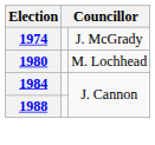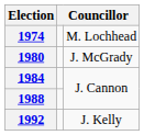 <table class="wikitable" style="text-align:center">
 <tr>
 <th>Election</th>
 <th colspan=2>Councillor</th>
 </tr>
 <tr>
 <th><a href='#'>1974</a></th>
 <td style="background-color: "></td>
-<td>J. McGrady</td>
+<td>M. Lochhead</td>
 </tr>
 <tr>
 <th><a href='#'>1980</a></th>
 <td style="background-color: "></td>
-<td>M. Lochhead</td>
+<td>J. McGrady</td>
 </tr>
 <tr>
 <th><a href='#'>1984</a></th>
 <td style="background-color: "></td>
 <td rowspan=2>J. Cannon</td>
 </tr>
 <tr>
 <th><a href='#'>1988</a></th>
 <td style="background-color: "></td>
 </tr>
+<tr>
+<th><a href='#'>1992</a></th>
+<td style="background-color: "></td>
+<td>J. Kelly</td>
+</tr>
 </table>
